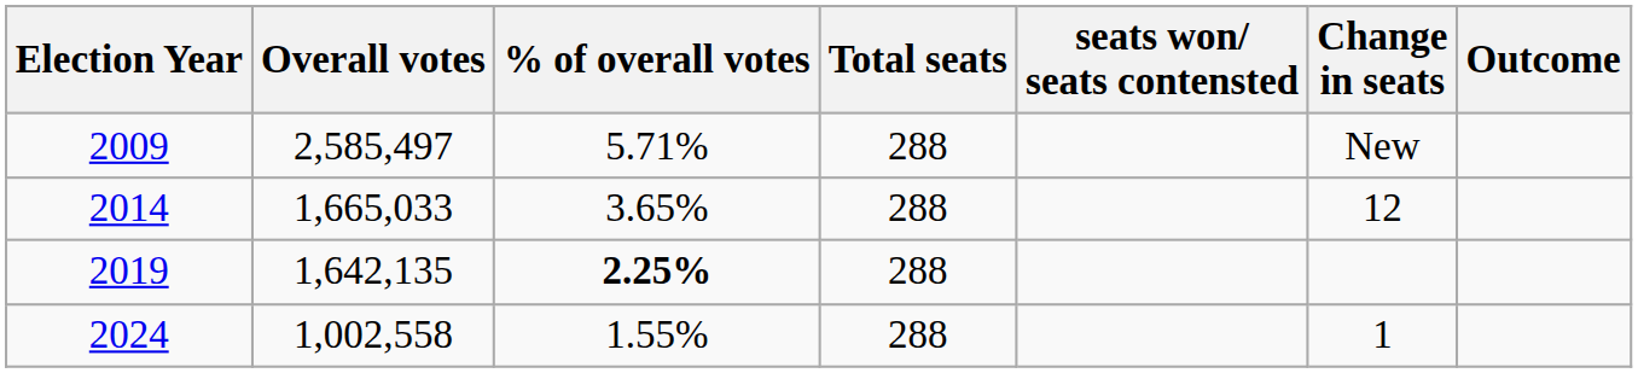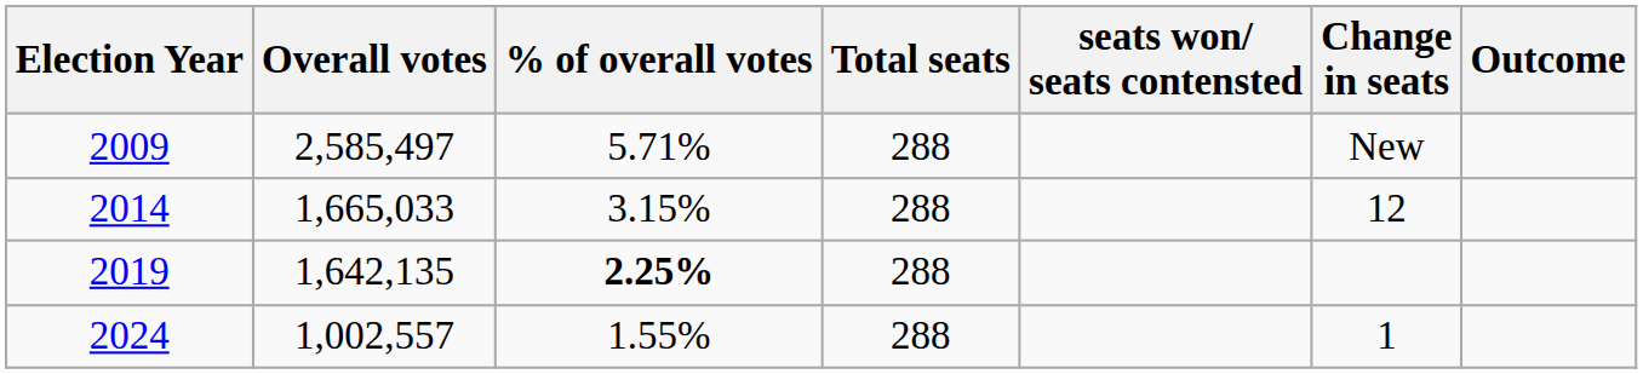 <table class="wikitable sortable" style="text-align:center;">
 <tr>
 <th Style="background-color:">Election Year</th>
 <th Style="background-color:">Overall votes</th>
 <th Style="background-color:">% of overall votes</th>
 <th Style="background-color:">Total seats</th>
 <th Style="background-color:">seats won/<br>seats contensted</th>
 <th Style="background-color:">Change<br>in seats</th>
 <th Style="background-color:">Outcome</th>
 </tr>
 <tr>
 <td><a href='#'>2009</a></td>
 <td>2,585,497</td>
 <td>5.71%</td>
 <td>288</td>
 <td></td>
 <td>New</td>
 <td></td>
 </tr>
 <tr>
 <td><a href='#'>2014</a></td>
 <td>1,665,033</td>
-<td>3.65%</td>
+<td>3.15%</td>
 <td>288</td>
 <td></td>
 <td>12</td>
 <td></td>
 </tr>
 <tr>
 <td><a href='#'>2019</a></td>
 <td>1,642,135</td>
 <td><strong>2.25%</strong></td>
 <td>288</td>
 <td></td>
 <td></td>
 <td></td>
 </tr>
 <tr>
 <td><a href='#'>2024</a></td>
-<td>1,002,558</td>
+<td>1,002,557</td>
 <td>1.55%</td>
 <td>288</td>
 <td></td>
 <td> 1</td>
 <td></td>
 </tr>
 </table>
